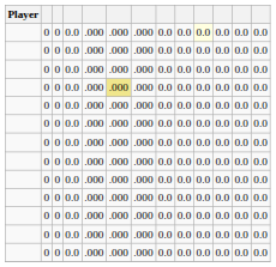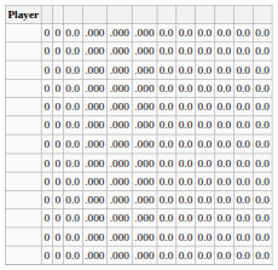 <table class="wikitable sortable" style="font-size:95%; text-align:right;">
 <tr>
 <th>Player</th>
 <th></th>
 <th></th>
 <th></th>
 <th></th>
 <th></th>
 <th></th>
 <th></th>
 <th></th>
 <th></th>
 <th></th>
 <th></th>
 <th></th>
 </tr>
 <tr>
 <td><strong></strong></td>
 <td>0</td>
 <td>0</td>
 <td>0.0</td>
 <td>.000</td>
 <td>.000</td>
 <td>.000</td>
 <td>0.0</td>
 <td>0.0</td>
-<td style="background: lightyellow;">0.0</td>
+<td>0.0</td>
 <td>0.0</td>
 <td>0.0</td>
 <td>0.0</td>
 </tr>
 <tr>
 <td><strong></strong></td>
 <td>0</td>
 <td>0</td>
 <td>0.0</td>
 <td>.000</td>
 <td>.000</td>
 <td>.000</td>
 <td>0.0</td>
 <td>0.0</td>
 <td>0.0</td>
 <td>0.0</td>
 <td>0.0</td>
 <td>0.0</td>
 </tr>
 <tr>
 <td><strong></strong></td>
 <td>0</td>
 <td>0</td>
 <td>0.0</td>
 <td>.000</td>
 <td>.000</td>
 <td>.000</td>
 <td>0.0</td>
 <td>0.0</td>
 <td>0.0</td>
 <td>0.0</td>
 <td>0.0</td>
 <td>0.0</td>
 </tr>
 <tr>
 <td><strong></strong></td>
 <td>0</td>
 <td>0</td>
 <td>0.0</td>
 <td>.000</td>
-<td style="background: khaki;">.000</td>
+<td>.000</td>
 <td>.000</td>
 <td>0.0</td>
 <td>0.0</td>
 <td>0.0</td>
 <td>0.0</td>
 <td>0.0</td>
 <td>0.0</td>
 </tr>
 <tr>
 <td><strong></strong></td>
 <td>0</td>
 <td>0</td>
 <td>0.0</td>
 <td>.000</td>
 <td>.000</td>
 <td>.000</td>
 <td>0.0</td>
 <td>0.0</td>
 <td>0.0</td>
 <td>0.0</td>
 <td>0.0</td>
 <td>0.0</td>
 </tr>
 <tr>
 <td><strong></strong></td>
 <td>0</td>
 <td>0</td>
 <td>0.0</td>
 <td>.000</td>
 <td>.000</td>
 <td>.000</td>
 <td>0.0</td>
 <td>0.0</td>
 <td>0.0</td>
 <td>0.0</td>
 <td>0.0</td>
 <td>0.0</td>
 </tr>
 <tr>
 <td><strong></strong></td>
 <td>0</td>
 <td>0</td>
 <td>0.0</td>
 <td>.000</td>
 <td>.000</td>
 <td>.000</td>
 <td>0.0</td>
 <td>0.0</td>
 <td>0.0</td>
 <td>0.0</td>
 <td>0.0</td>
 <td>0.0</td>
 </tr>
 <tr>
 <td><strong></strong></td>
 <td>0</td>
 <td>0</td>
 <td>0.0</td>
 <td>.000</td>
 <td>.000</td>
 <td>.000</td>
 <td>0.0</td>
 <td>0.0</td>
 <td>0.0</td>
 <td>0.0</td>
 <td>0.0</td>
 <td>0.0</td>
 </tr>
 <tr>
 <td><strong></strong></td>
 <td>0</td>
 <td>0</td>
 <td>0.0</td>
 <td>.000</td>
 <td>.000</td>
 <td>.000</td>
 <td>0.0</td>
 <td>0.0</td>
 <td>0.0</td>
 <td>0.0</td>
 <td>0.0</td>
 <td>0.0</td>
 </tr>
 <tr>
 <td><strong></strong></td>
 <td>0</td>
 <td>0</td>
 <td>0.0</td>
 <td>.000</td>
 <td>.000</td>
 <td>.000</td>
 <td>0.0</td>
 <td>0.0</td>
 <td>0.0</td>
 <td>0.0</td>
 <td>0.0</td>
 <td>0.0</td>
 </tr>
 <tr>
 <td><strong></strong></td>
 <td>0</td>
 <td>0</td>
 <td>0.0</td>
 <td>.000</td>
 <td>.000</td>
 <td>.000</td>
 <td>0.0</td>
 <td>0.0</td>
 <td>0.0</td>
 <td>0.0</td>
 <td>0.0</td>
 <td>0.0</td>
 </tr>
 <tr>
 <td><strong></strong></td>
 <td>0</td>
 <td>0</td>
 <td>0.0</td>
 <td>.000</td>
 <td>.000</td>
 <td>.000</td>
 <td>0.0</td>
 <td>0.0</td>
 <td>0.0</td>
 <td>0.0</td>
 <td>0.0</td>
 <td>0.0</td>
 </tr>
 <tr>
 <td><strong></strong></td>
 <td>0</td>
 <td>0</td>
 <td>0.0</td>
 <td>.000</td>
 <td>.000</td>
 <td>.000</td>
 <td>0.0</td>
 <td>0.0</td>
 <td>0.0</td>
 <td>0.0</td>
 <td>0.0</td>
 <td>0.0</td>
 </tr>
 <tr>
 </tr>
 </table>
